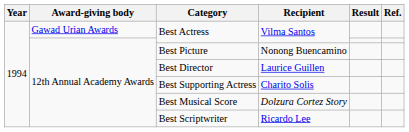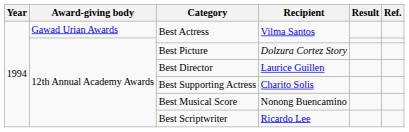 <table class="wikitable plainrowheaders" style="line-height:1.20em; font-size:90%;">
 <tr>
 <th>Year</th>
 <th>Award-giving body</th>
 <th>Category</th>
 <th>Recipient</th>
 <th>Result</th>
 <th>Ref.</th>
 </tr>
 <tr>
 <td rowspan="7">1994</td>
 <td><a href='#'>Gawad Urian Awards</a></td>
 <td rowspan="2">Best Actress</td>
 <td rowspan="2"><a href='#'>Vilma Santos</a></td>
 <td></td>
 <td></td>
 </tr>
 <tr>
 <td rowspan="6">12th Annual Academy Awards</td>
 <td></td>
 <td></td>
 </tr>
 <tr>
 <td>Best Picture</td>
-<td>Nonong Buencamino</td>
+<td><em>Dolzura Cortez Story</em></td>
 <td></td>
 <td></td>
 </tr>
 <tr>
 <td>Best Director</td>
 <td><a href='#'>Laurice Guillen</a></td>
 <td></td>
 <td></td>
 </tr>
 <tr>
 <td>Best Supporting Actress</td>
 <td><a href='#'>Charito Solis</a></td>
 <td></td>
 <td></td>
 </tr>
 <tr>
 <td>Best Musical Score</td>
-<td><em>Dolzura Cortez Story</em></td>
+<td>Nonong Buencamino</td>
 <td></td>
 <td></td>
 </tr>
 <tr>
 <td>Best Scriptwriter</td>
 <td><a href='#'>Ricardo Lee</a></td>
 <td></td>
 <td></td>
 </tr>
 </table>
